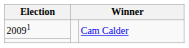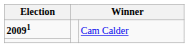 <table class="wikitable">
 <tr>
 <th width=100>Election</th>
 <th width=175 colspan=2>Winner</th>
 </tr>
 <tr>
-<td>2009<sup>1</sup></td>
+<td><strong>2009<sup>1</sup></strong></td>
 <td rowspan=2 width=5 bgcolor=></td>
 <td rowspan=2><a href='#'>Cam Calder</a></td>
 </tr>
 <tr>
 <td></td>
 </tr>
 </table>
